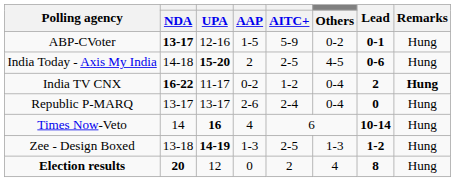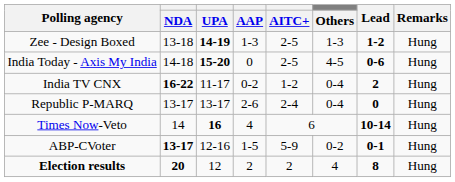 <table class="wikitable sortable" style="text-align:center">
 <tr>
 <th rowspan="2">Polling agency</th>
 <th style="background:"></th>
 <th style="background:"></th>
 <th style="background:"></th>
 <th style="background:"></th>
 <th style="background:gray;"></th>
 <th rowspan="2">Lead</th>
 <th rowspan="2">Remarks</th>
 </tr>
 <tr>
 <th><a href='#'>NDA</a></th>
 <th><a href='#'>UPA</a></th>
 <th><a href='#'>AAP</a></th>
 <th><a href='#'>AITC+</a></th>
 <th>Others</th>
 </tr>
 <tr>
-<td>ABP-CVoter</td>
-<td><strong>13-17</strong></td>
-<td>12-16</td>
-<td>1-5</td>
-<td>5-9</td>
-<td>0-2</td>
-<td><strong>0-1</strong></td>
+<td>Zee - Design Boxed</td>
+<td>13-18</td>
+<td><strong>14-19</strong></td>
+<td>1-3</td>
+<td>2-5</td>
+<td>1-3</td>
+<td><strong>1-2</strong></td>
 <td>Hung</td>
 </tr>
 <tr>
 <td>India Today - <a href='#'>Axis My India</a></td>
 <td>14-18</td>
 <td><strong>15-20</strong></td>
-<td style="background:">2</td>
+<td>0</td>
 <td>2-5</td>
 <td>4-5</td>
 <td><strong>0-6</strong></td>
 <td>Hung</td>
 </tr>
 <tr>
 <td>India TV CNX</td>
 <td><strong>16-22</strong></td>
 <td>11-17</td>
 <td>0-2</td>
 <td>1-2</td>
 <td>0-4</td>
 <td><strong>2</strong></td>
-<td><strong>Hung</strong></td>
+<td>Hung</td>
 </tr>
 <tr>
 <td>Republic P-MARQ</td>
 <td>13-17</td>
 <td>13-17</td>
 <td>2-6</td>
 <td>2-4</td>
 <td>0-4</td>
 <td><strong>0</strong></td>
 <td>Hung</td>
 </tr>
 <tr>
 <td><a href='#'>Times Now</a>-Veto</td>
 <td>14</td>
 <td><strong>16</strong></td>
 <td>4</td>
 <td colspan=2>6</td>
 <td><strong>10-14</strong></td>
 <td>Hung</td>
 </tr>
 <tr>
-<td>Zee - Design Boxed</td>
-<td>13-18</td>
-<td><strong>14-19</strong></td>
-<td>1-3</td>
-<td>2-5</td>
-<td>1-3</td>
-<td><strong>1-2</strong></td>
+<td>ABP-CVoter</td>
+<td><strong>13-17</strong></td>
+<td>12-16</td>
+<td>1-5</td>
+<td>5-9</td>
+<td>0-2</td>
+<td><strong>0-1</strong></td>
 <td>Hung</td>
 </tr>
 <tr>
 <td style="background:"><strong>Election results</strong></td>
 <td><strong>20</strong></td>
 <td style="background:">12</td>
-<td>0</td>
+<td style="background:">2</td>
 <td style="background:">2</td>
 <td style="background:">4</td>
 <td><strong>8</strong></td>
 <td style="background:">Hung</td>
 </tr>
 </table>
